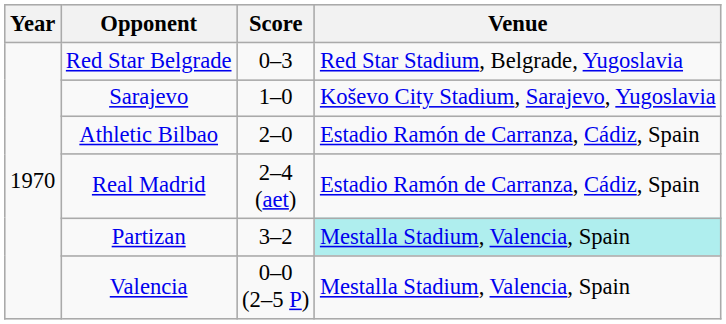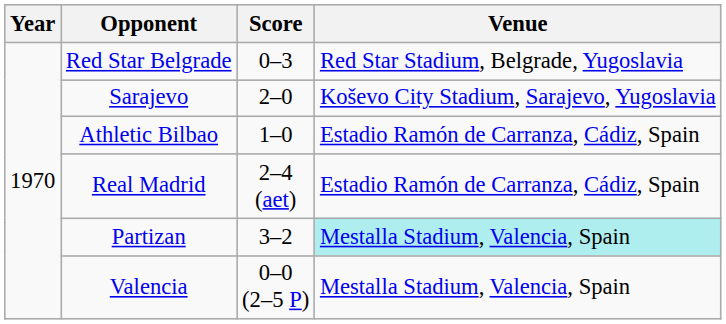 <table class="wikitable" style="font-size: 90%; text-align:left">
 <tr>
 <th>Year</th>
 <th>Opponent</th>
 <th>Score</th>
 <th>Venue</th>
 </tr>
 <tr>
 <td rowspan=6>1970</td>
 <td align=center> <a href='#'>Red Star Belgrade</a></td>
 <td align=center>0–3</td>
 <td><a href='#'>Red Star Stadium</a>, Belgrade, <a href='#'>Yugoslavia</a></td>
 </tr>
 <tr>
 <td align=center> <a href='#'>Sarajevo</a></td>
-<td align=center>1–0</td>
+<td align=center>2–0</td>
 <td><a href='#'>Koševo City Stadium</a>, <a href='#'>Sarajevo</a>, <a href='#'>Yugoslavia</a></td>
 </tr>
 <tr>
 <td align=center> <a href='#'>Athletic Bilbao</a></td>
-<td align=center>2–0</td>
+<td align=center>1–0</td>
 <td><a href='#'>Estadio Ramón de Carranza</a>, <a href='#'>Cádiz</a>, Spain</td>
 </tr>
 <tr>
 <td align=center> <a href='#'>Real Madrid</a></td>
 <td align=center>2–4<br>(<a href='#'>aet</a>)</td>
 <td><a href='#'>Estadio Ramón de Carranza</a>, <a href='#'>Cádiz</a>, Spain</td>
 </tr>
 <tr>
 <td align=center> <a href='#'>Partizan</a></td>
 <td align=center>3–2</td>
 <td style="background: paleturquoise;"> <a href='#'>Mestalla Stadium</a>, <a href='#'>Valencia</a>, Spain</td>
 </tr>
 <tr>
 <td align=center> <a href='#'>Valencia</a></td>
 <td align=center>0–0<br>(2–5 <a href='#'>P</a>)</td>
 <td><a href='#'>Mestalla Stadium</a>, <a href='#'>Valencia</a>, Spain</td>
 </tr>
 </table>
